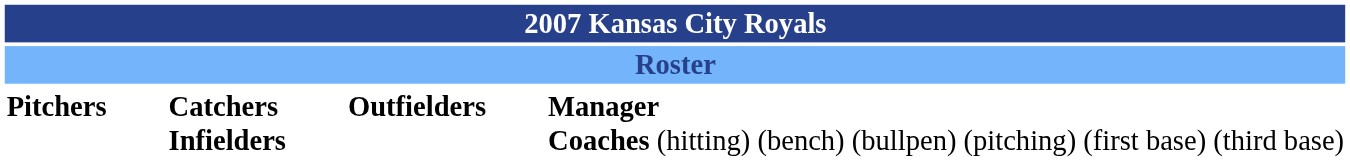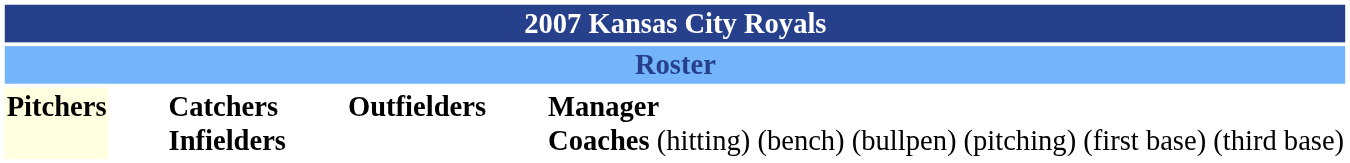 <table class="toccolours" style="font-size: 95%;">
 <tr>
 <th colspan="10" style="background-color: #27408B; color: #FFFFFF; text-align: center;">2007 Kansas City Royals</th>
 </tr>
 <tr>
 <td colspan="10" style="background-color: #74B4FA; color: #27408B; text-align: center;"><strong>Roster</strong></td>
 </tr>
 <tr>
-<td valign="top"><strong>Pitchers</strong><br>                      </td>
+<td valign="top" style="background: lightyellow;"><strong>Pitchers</strong><br>                      </td>
 <td width="25px"></td>
 <td valign="top"><strong>Catchers</strong><br>   <strong>Infielders</strong>            </td>
 <td width="25px"></td>
 <td valign="top"><strong>Outfielders</strong><br>      </td>
 <td width="25px"></td>
 <td valign="top"><strong>Manager</strong><br> <strong>Coaches</strong>  (hitting)  (bench)  (bullpen)  (pitching)  (first base)  (third base)</td>
 </tr>
 </table>
